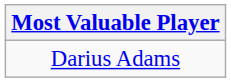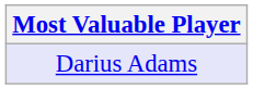 <table class=wikitable style="text-align:center; margin:auto">
 <tr>
 <th><a href='#'>Most Valuable Player</a></th>
 </tr>
 <tr>
-<td>  <a href='#'>Darius Adams</a></td>
+<td style="background: lavender;">  <a href='#'>Darius Adams</a></td>
 </tr>
 </table>
